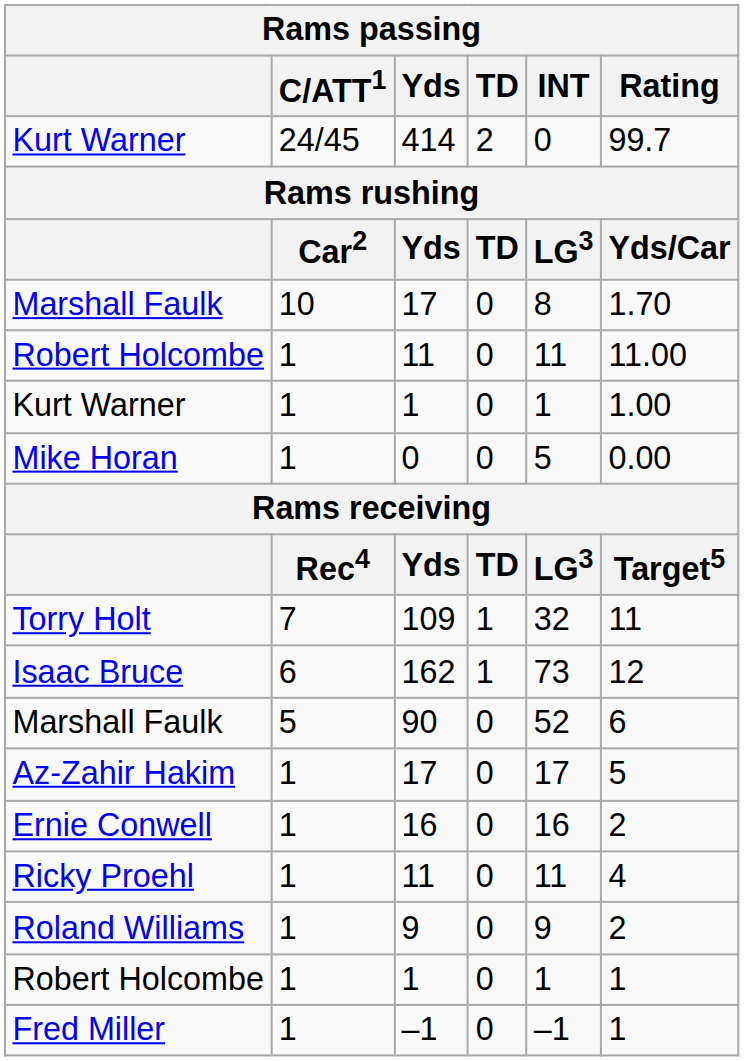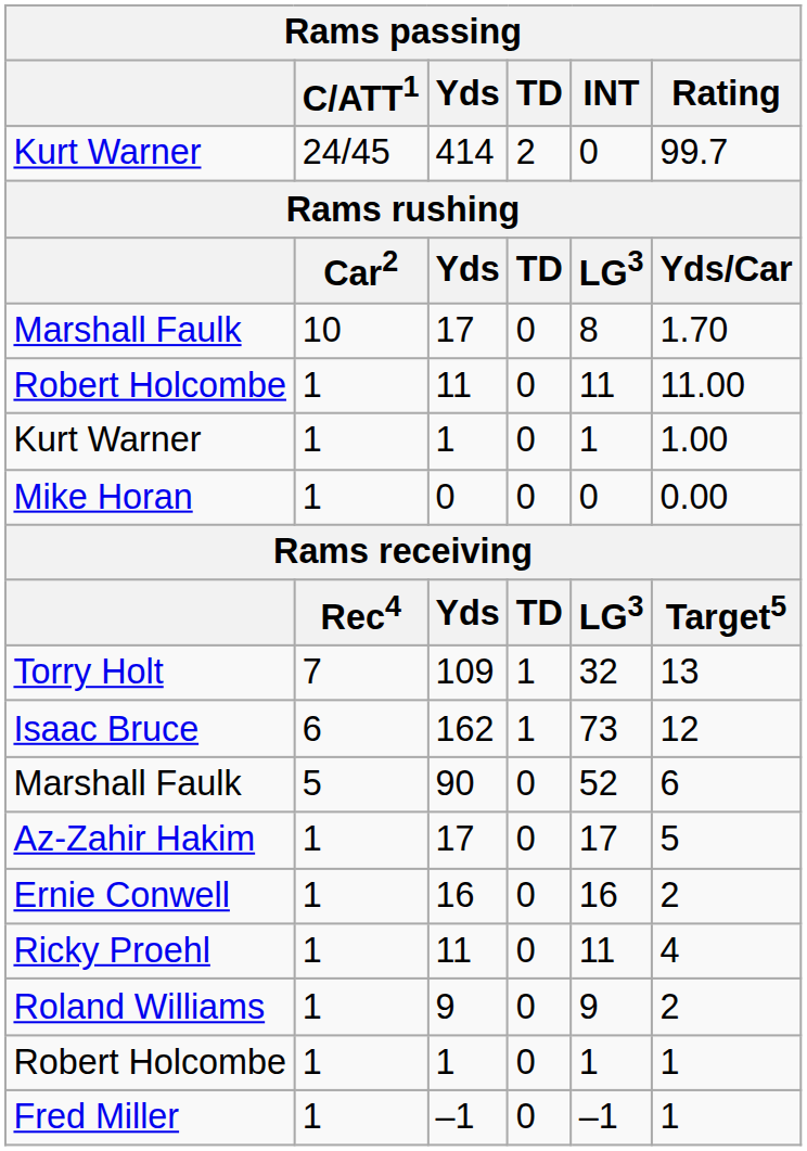 <table class="wikitable">
 <tr>
 <th colspan="6">Rams passing</th>
 </tr>
 <tr>
 <th></th>
 <th>C/ATT<sup>1</sup></th>
 <th>Yds</th>
 <th>TD</th>
 <th>INT</th>
 <th>Rating</th>
 </tr>
 <tr>
 <td><a href='#'>Kurt Warner</a></td>
 <td>24/45</td>
 <td>414</td>
 <td>2</td>
 <td>0</td>
 <td>99.7</td>
 </tr>
 <tr>
 <th colspan="6">Rams rushing</th>
 </tr>
 <tr>
 <th></th>
 <th>Car<sup>2</sup></th>
 <th>Yds</th>
 <th>TD</th>
 <th>LG<sup>3</sup></th>
 <th>Yds/Car</th>
 </tr>
 <tr>
 <td><a href='#'>Marshall Faulk</a></td>
 <td>10</td>
 <td>17</td>
 <td>0</td>
 <td>8</td>
 <td>1.70</td>
 </tr>
 <tr>
 <td><a href='#'>Robert Holcombe</a></td>
 <td>1</td>
 <td>11</td>
 <td>0</td>
 <td>11</td>
 <td>11.00</td>
 </tr>
 <tr>
 <td>Kurt Warner</td>
 <td>1</td>
 <td>1</td>
 <td>0</td>
 <td>1</td>
 <td>1.00</td>
 </tr>
 <tr>
 <td><a href='#'>Mike Horan</a></td>
 <td>1</td>
 <td>0</td>
 <td>0</td>
-<td>5</td>
+<td>0</td>
 <td>0.00</td>
 </tr>
 <tr>
 <th colspan="6">Rams receiving</th>
 </tr>
 <tr>
 <th></th>
 <th>Rec<sup>4</sup></th>
 <th>Yds</th>
 <th>TD</th>
 <th>LG<sup>3</sup></th>
 <th>Target<sup>5</sup></th>
 </tr>
 <tr>
 <td><a href='#'>Torry Holt</a></td>
 <td>7</td>
 <td>109</td>
 <td>1</td>
 <td>32</td>
-<td>11</td>
+<td>13</td>
 </tr>
 <tr>
 <td><a href='#'>Isaac Bruce</a></td>
 <td>6</td>
 <td>162</td>
 <td>1</td>
 <td>73</td>
 <td>12</td>
 </tr>
 <tr>
 <td>Marshall Faulk</td>
 <td>5</td>
 <td>90</td>
 <td>0</td>
 <td>52</td>
 <td>6</td>
 </tr>
 <tr>
 <td><a href='#'>Az-Zahir Hakim</a></td>
 <td>1</td>
 <td>17</td>
 <td>0</td>
 <td>17</td>
 <td>5</td>
 </tr>
 <tr>
 <td><a href='#'>Ernie Conwell</a></td>
 <td>1</td>
 <td>16</td>
 <td>0</td>
 <td>16</td>
 <td>2</td>
 </tr>
 <tr>
 <td><a href='#'>Ricky Proehl</a></td>
 <td>1</td>
 <td>11</td>
 <td>0</td>
 <td>11</td>
 <td>4</td>
 </tr>
 <tr>
 <td><a href='#'>Roland Williams</a></td>
 <td>1</td>
 <td>9</td>
 <td>0</td>
 <td>9</td>
 <td>2</td>
 </tr>
 <tr>
 <td>Robert Holcombe</td>
 <td>1</td>
 <td>1</td>
 <td>0</td>
 <td>1</td>
 <td>1</td>
 </tr>
 <tr>
 <td><a href='#'>Fred Miller</a></td>
 <td>1</td>
 <td>–1</td>
 <td>0</td>
 <td>–1</td>
 <td>1</td>
 </tr>
 </table>
